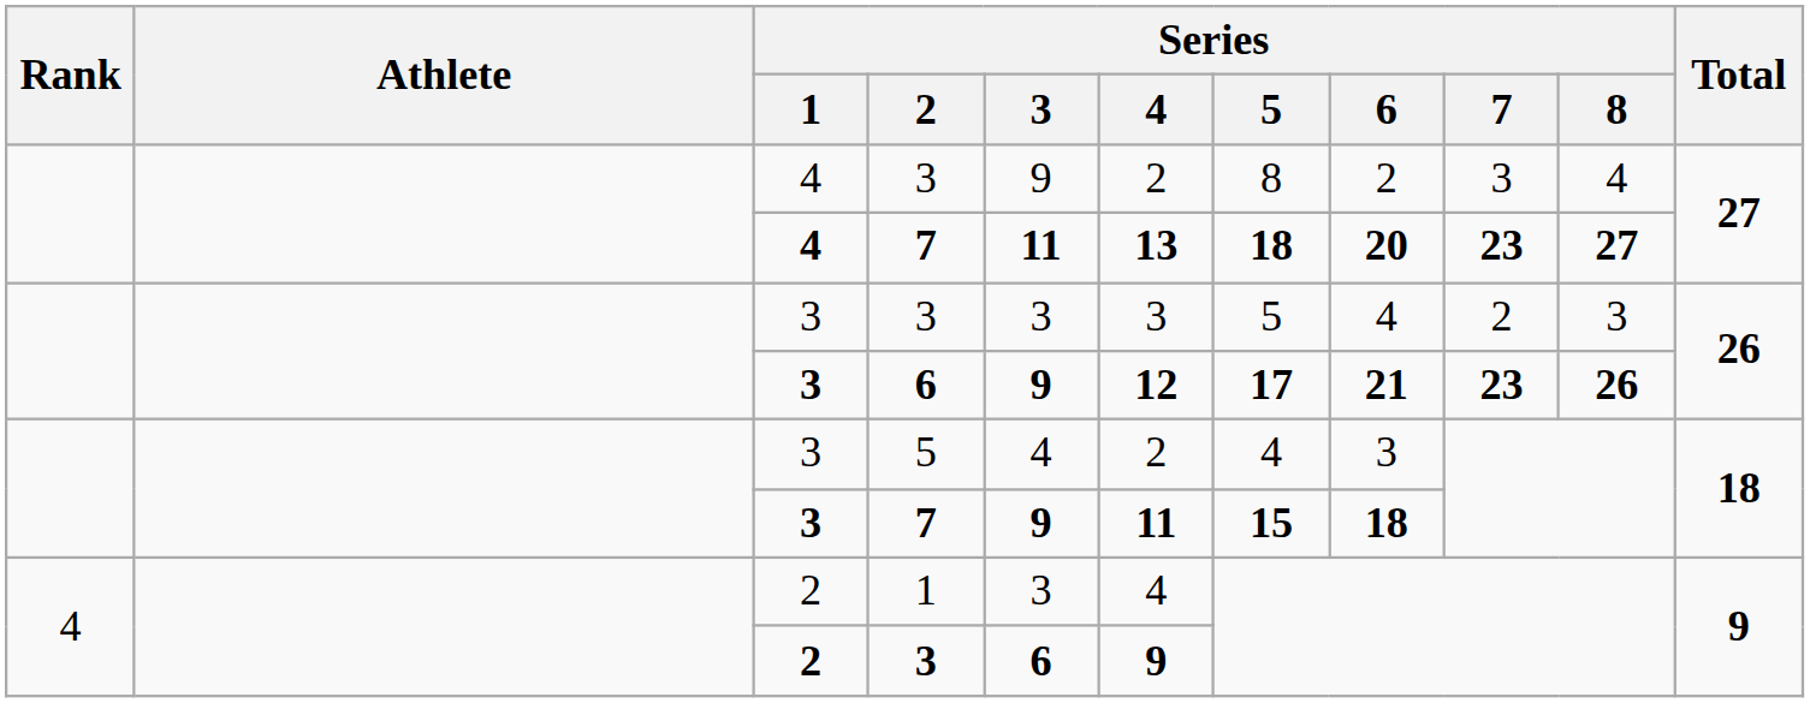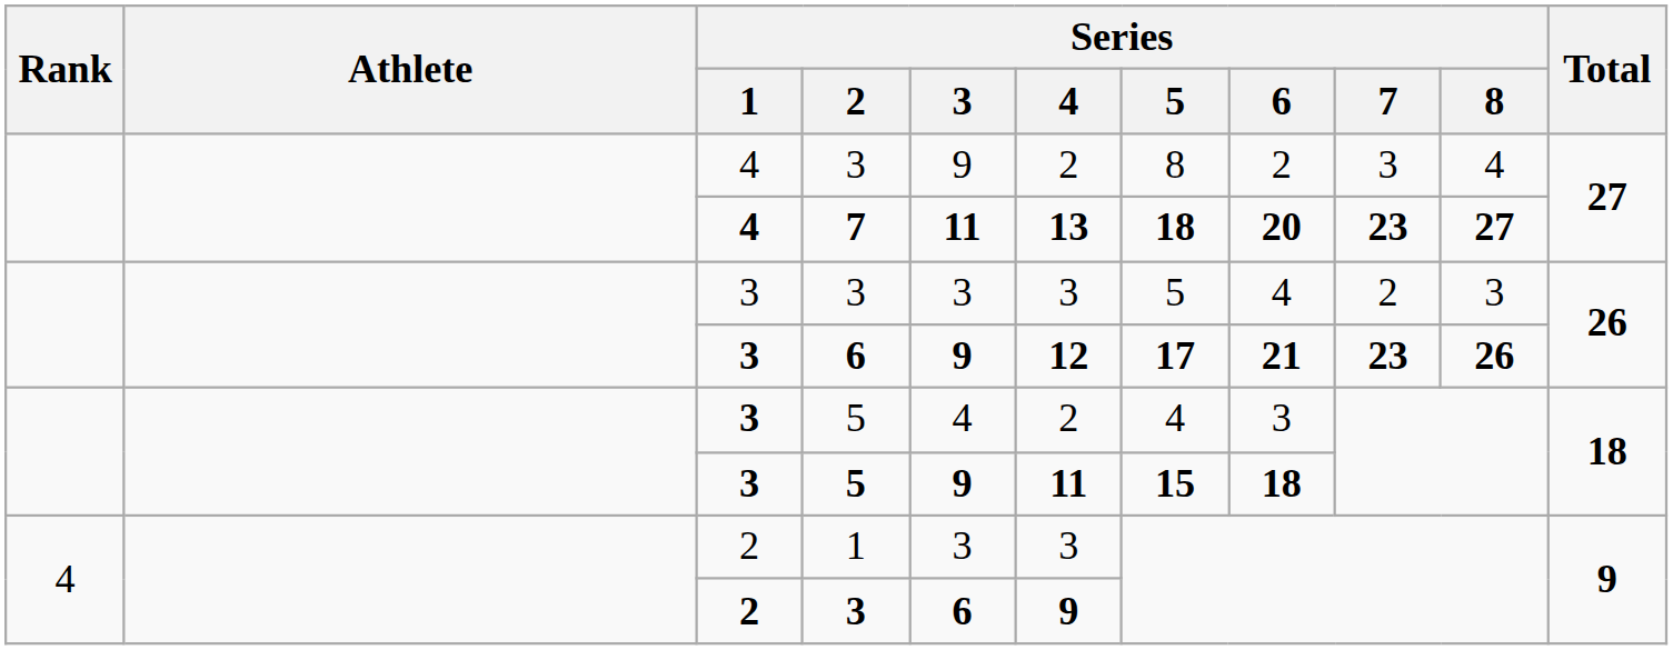 <table class="wikitable" style="text-align:center">
 <tr>
 <th rowspan=2 width=40>Rank</th>
 <th rowspan=2 width=220>Athlete</th>
 <th colspan=8>Series</th>
 <th rowspan=2 width=40>Total</th>
 </tr>
 <tr>
 <th width=35>1</th>
 <th width=35>2</th>
 <th width=35>3</th>
 <th width=35>4</th>
 <th width=35>5</th>
 <th width=35>6</th>
 <th width=35>7</th>
 <th width=35>8</th>
 </tr>
 <tr>
 <td rowspan=2></td>
 <td rowspan=2 align=left></td>
 <td>4</td>
 <td>3</td>
 <td>9</td>
 <td>2</td>
 <td>8</td>
 <td>2</td>
 <td>3</td>
 <td>4</td>
 <td rowspan=2><strong>27</strong></td>
 </tr>
 <tr>
 <td><strong>4</strong></td>
 <td><strong>7</strong></td>
 <td><strong>11</strong></td>
 <td><strong>13</strong></td>
 <td><strong>18</strong></td>
 <td><strong>20</strong></td>
 <td><strong>23</strong></td>
 <td><strong>27</strong></td>
 </tr>
 <tr>
 <td rowspan=2></td>
 <td rowspan=2 align=left></td>
 <td>3</td>
 <td>3</td>
 <td>3</td>
 <td>3</td>
 <td>5</td>
 <td>4</td>
 <td>2</td>
 <td>3</td>
 <td rowspan=2><strong>26</strong></td>
 </tr>
 <tr>
 <td><strong>3</strong></td>
 <td><strong>6</strong></td>
 <td><strong>9</strong></td>
 <td><strong>12</strong></td>
 <td><strong>17</strong></td>
 <td><strong>21</strong></td>
 <td><strong>23</strong></td>
 <td><strong>26</strong></td>
 </tr>
 <tr>
 <td rowspan=2></td>
 <td rowspan=2 align=left></td>
-<td>3</td>
+<td><strong>3</strong></td>
 <td>5</td>
 <td>4</td>
 <td>2</td>
 <td>4</td>
 <td>3</td>
 <td colspan=2 rowspan=2></td>
 <td rowspan=2><strong>18</strong></td>
 </tr>
 <tr>
 <td><strong>3</strong></td>
-<td><strong>7</strong></td>
+<td><strong>5</strong></td>
 <td><strong>9</strong></td>
 <td><strong>11</strong></td>
 <td><strong>15</strong></td>
 <td><strong>18</strong></td>
 </tr>
 <tr>
 <td rowspan=2>4</td>
 <td rowspan=2 align=left></td>
 <td>2</td>
 <td>1</td>
 <td>3</td>
-<td>4</td>
+<td>3</td>
 <td colspan=4 rowspan=2></td>
 <td rowspan=2><strong>9</strong></td>
 </tr>
 <tr>
 <td><strong>2</strong></td>
 <td><strong>3</strong></td>
 <td><strong>6</strong></td>
 <td><strong>9</strong></td>
 </tr>
 </table>
